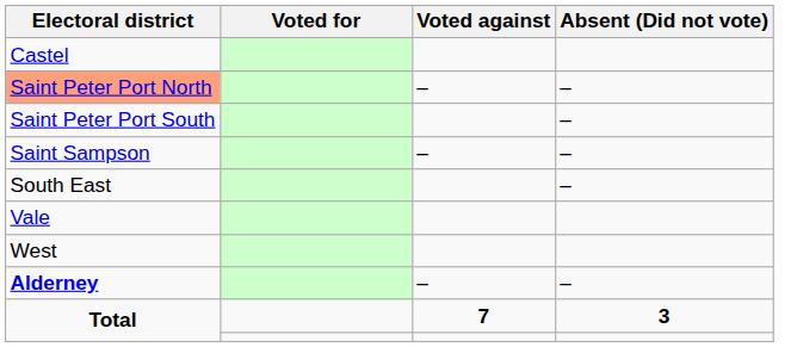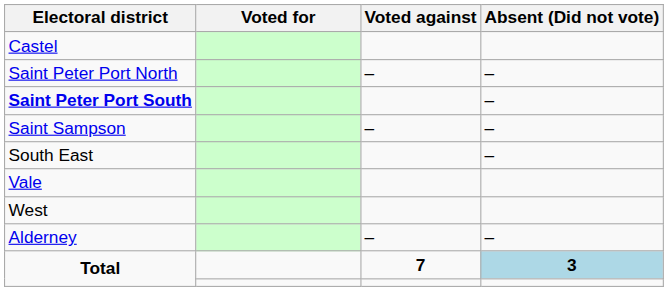 <table class="wikitable">
 <tr>
 <th>Electoral district</th>
 <th style="width:25%;">Voted for</th>
 <th>Voted against</th>
 <th>Absent (Did not vote)</th>
 </tr>
 <tr>
 <td><a href='#'>Castel</a></td>
 <td style="background-color:#CCFFCC;"></td>
 <td></td>
 <td></td>
 </tr>
 <tr>
-<td style="background: lightsalmon;"><a href='#'>Saint Peter Port North</a></td>
+<td><a href='#'>Saint Peter Port North</a></td>
 <td style="background-color:#CCFFCC;"></td>
 <td>–</td>
 <td>–</td>
 </tr>
 <tr>
-<td><a href='#'>Saint Peter Port South</a></td>
+<td><strong><a href='#'>Saint Peter Port South</a></strong></td>
 <td style="background-color:#CCFFCC;"></td>
 <td></td>
 <td>–</td>
 </tr>
 <tr>
 <td><a href='#'>Saint Sampson</a></td>
 <td style="background-color:#CCFFCC;"></td>
 <td>–</td>
 <td>–</td>
 </tr>
 <tr>
 <td>South East</td>
 <td style="background-color:#CCFFCC;"></td>
 <td></td>
 <td>–</td>
 </tr>
 <tr>
 <td><a href='#'>Vale</a></td>
 <td style="background-color:#CCFFCC;"></td>
 <td></td>
 <td></td>
 </tr>
 <tr>
 <td>West</td>
 <td style="background-color:#CCFFCC;"></td>
 <td></td>
 <td></td>
 </tr>
 <tr>
-<td><strong><a href='#'>Alderney</a></strong></td>
+<td><a href='#'>Alderney</a></td>
 <td style="background-color:#CCFFCC;"></td>
 <td>–</td>
 <td>–</td>
 </tr>
 <tr>
 <td style="text-align:center;" rowspan="2"><strong>Total</strong></td>
 <td></td>
 <td style="text-align:center;"><strong>7</strong></td>
-<td style="text-align:center;"><strong>3</strong></td>
+<td style="background: lightblue; text-align:center;"><strong>3</strong></td>
 </tr>
 <tr>
 <td style="text-align:center;"></td>
 <td style="text-align:center;"></td>
 <td style="text-align:center;"></td>
 </tr>
 </table>
